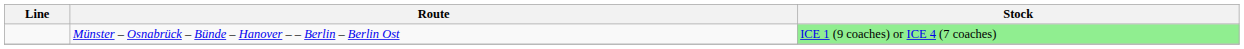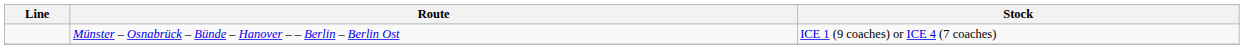 <table class="wikitable" width="100%">
 <tr>
 <th>Line</th>
 <th>Route</th>
 <th>Stock</th>
 </tr>
 <tr>
 <td></td>
 <td><em><a href='#'>Münster</a> – <a href='#'>Osnabrück</a> – <a href='#'>Bünde</a> – <a href='#'>Hanover</a> –  – <a href='#'>Berlin</a> – <a href='#'>Berlin Ost</a></em></td>
-<td style="background: lightgreen;"><a href='#'>ICE 1</a> (9 coaches) or <a href='#'>ICE 4</a> (7 coaches)</td>
+<td><a href='#'>ICE 1</a> (9 coaches) or <a href='#'>ICE 4</a> (7 coaches)</td>
 </tr>
 <tr>
 </tr>
 </table>
